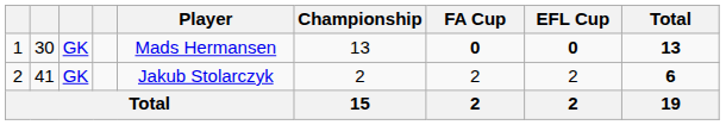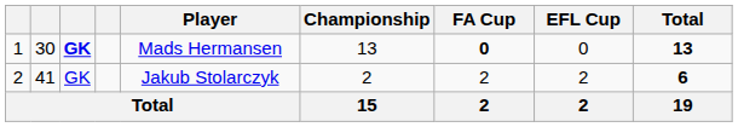 <table class="wikitable sortable" style="text-align:center">
 <tr>
 <th width=15></th>
 <th width=15></th>
 <th width=15></th>
 <th width=15></th>
 <th width=150>Player</th>
 <th width=80>Championship</th>
 <th width=80>FA Cup</th>
 <th width=80>EFL Cup</th>
 <th width=80>Total</th>
 </tr>
 <tr>
 <td>1</td>
 <td>30</td>
-<td><a href='#'>GK</a></td>
+<td><strong><a href='#'>GK</a></strong></td>
 <td></td>
 <td><a href='#'>Mads Hermansen</a></td>
 <td>13</td>
 <td><strong>0</strong></td>
-<td><strong>0</strong></td>
+<td>0</td>
 <td><strong>13</strong></td>
 </tr>
 <tr>
 <td>2</td>
 <td>41</td>
 <td><a href='#'>GK</a></td>
 <td></td>
 <td><a href='#'>Jakub Stolarczyk</a></td>
 <td>2</td>
 <td>2</td>
 <td>2</td>
 <td><strong>6</strong></td>
 </tr>
 <tr>
 <th colspan="5">Total</th>
 <th>15</th>
 <th>2</th>
 <th>2</th>
 <th>19</th>
 </tr>
 </table>
